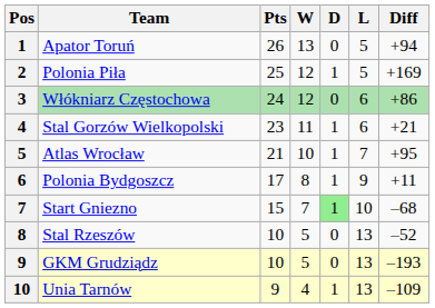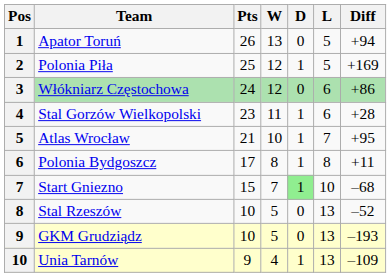 <table class="wikitable" style="font-size: 100%">
 <tr>
 <th width=20>Pos</th>
 <th width=200>Team</th>
 <th width=20>Pts</th>
 <th width=20>W</th>
 <th width=20>D</th>
 <th width=20>L</th>
 <th width=40>Diff</th>
 </tr>
 <tr align=center>
 <th>1</th>
 <td align=left><a href='#'>Apator Toruń</a></td>
 <td>26</td>
 <td>13</td>
 <td>0</td>
 <td>5</td>
 <td>+94</td>
 </tr>
 <tr align=center>
 <th>2</th>
 <td align=left><a href='#'>Polonia Piła</a></td>
 <td>25</td>
 <td>12</td>
 <td>1</td>
 <td>5</td>
 <td>+169</td>
 </tr>
 <tr align=center style="background:#ACE1AF;">
 <th>3</th>
 <td align=left><a href='#'>Włókniarz Częstochowa</a></td>
 <td>24</td>
 <td>12</td>
 <td>0</td>
 <td>6</td>
 <td>+86</td>
 </tr>
 <tr align=center>
 <th>4</th>
 <td align=left><a href='#'>Stal Gorzów Wielkopolski</a></td>
 <td>23</td>
 <td>11</td>
 <td>1</td>
 <td>6</td>
-<td>+21</td>
+<td>+28</td>
 </tr>
 <tr align=center>
 <th>5</th>
 <td align=left><a href='#'>Atlas Wrocław</a></td>
 <td>21</td>
 <td>10</td>
 <td>1</td>
 <td>7</td>
 <td>+95</td>
 </tr>
 <tr align=center>
 <th>6</th>
 <td align=left><a href='#'>Polonia Bydgoszcz</a></td>
 <td>17</td>
 <td>8</td>
 <td>1</td>
-<td>9</td>
+<td>8</td>
 <td>+11</td>
 </tr>
 <tr align=center>
 <th>7</th>
 <td align=left><a href='#'>Start Gniezno</a></td>
 <td>15</td>
 <td>7</td>
 <td style="background: lightgreen;">1</td>
 <td>10</td>
 <td>–68</td>
 </tr>
 <tr align=center>
 <th>8</th>
 <td align=left><a href='#'>Stal Rzeszów</a></td>
 <td>10</td>
 <td>5</td>
 <td>0</td>
 <td>13</td>
 <td>–52</td>
 </tr>
 <tr align=center style="background: #ffffcc;">
 <th>9</th>
 <td align=left><a href='#'>GKM Grudziądz</a></td>
 <td>10</td>
 <td>5</td>
 <td>0</td>
 <td>13</td>
 <td>–193</td>
 </tr>
 <tr align=center style="background: #ffffcc;">
 <th>10</th>
 <td align=left><a href='#'>Unia Tarnów</a></td>
 <td>9</td>
 <td>4</td>
 <td>1</td>
 <td>13</td>
 <td>–109</td>
 </tr>
 </table>
